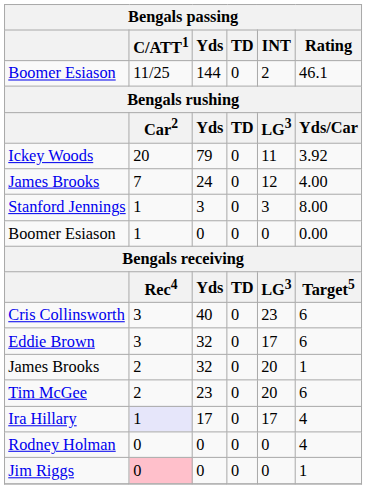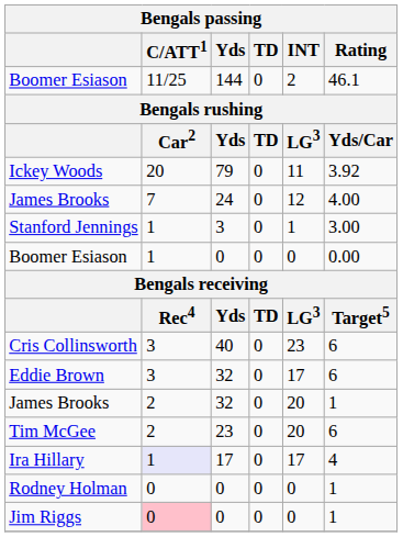 <table class="wikitable">
 <tr>
 <th colspan="6">Bengals passing</th>
 </tr>
 <tr>
 <th></th>
 <th>C/ATT<sup>1</sup></th>
 <th>Yds</th>
 <th>TD</th>
 <th>INT</th>
 <th>Rating</th>
 </tr>
 <tr>
 <td><a href='#'>Boomer Esiason</a></td>
 <td>11/25</td>
 <td>144</td>
 <td>0</td>
 <td>2</td>
 <td>46.1</td>
 </tr>
 <tr>
 <th colspan="6">Bengals rushing</th>
 </tr>
 <tr>
 <th></th>
 <th>Car<sup>2</sup></th>
 <th>Yds</th>
 <th>TD</th>
 <th>LG<sup>3</sup></th>
 <th>Yds/Car</th>
 </tr>
 <tr>
 <td><a href='#'>Ickey Woods</a></td>
 <td>20</td>
 <td>79</td>
 <td>0</td>
 <td>11</td>
 <td>3.92</td>
 </tr>
 <tr>
 <td><a href='#'>James Brooks</a></td>
 <td>7</td>
 <td>24</td>
 <td>0</td>
 <td>12</td>
 <td>4.00</td>
 </tr>
 <tr>
 <td><a href='#'>Stanford Jennings</a></td>
 <td>1</td>
 <td>3</td>
 <td>0</td>
-<td>3</td>
-<td>8.00</td>
+<td>1</td>
+<td>3.00</td>
 </tr>
 <tr>
 <td>Boomer Esiason</td>
 <td>1</td>
 <td>0</td>
 <td>0</td>
 <td>0</td>
 <td>0.00</td>
 </tr>
 <tr>
 <th colspan="6">Bengals receiving</th>
 </tr>
 <tr>
 <th></th>
 <th>Rec<sup>4</sup></th>
 <th>Yds</th>
 <th>TD</th>
 <th>LG<sup>3</sup></th>
 <th>Target<sup>5</sup></th>
 </tr>
 <tr>
 <td><a href='#'>Cris Collinsworth</a></td>
 <td>3</td>
 <td>40</td>
 <td>0</td>
 <td>23</td>
 <td>6</td>
 </tr>
 <tr>
 <td><a href='#'>Eddie Brown</a></td>
 <td>3</td>
 <td>32</td>
 <td>0</td>
 <td>17</td>
 <td>6</td>
 </tr>
 <tr>
 <td>James Brooks</td>
 <td>2</td>
 <td>32</td>
 <td>0</td>
 <td>20</td>
 <td>1</td>
 </tr>
 <tr>
 <td><a href='#'>Tim McGee</a></td>
 <td>2</td>
 <td>23</td>
 <td>0</td>
 <td>20</td>
 <td>6</td>
 </tr>
 <tr>
 <td><a href='#'>Ira Hillary</a></td>
 <td style="background: lavender;">1</td>
 <td>17</td>
 <td>0</td>
 <td>17</td>
 <td>4</td>
 </tr>
 <tr>
 <td><a href='#'>Rodney Holman</a></td>
 <td>0</td>
 <td>0</td>
 <td>0</td>
 <td>0</td>
-<td>4</td>
+<td>1</td>
 </tr>
 <tr>
 <td><a href='#'>Jim Riggs</a></td>
 <td style="background: pink;">0</td>
 <td>0</td>
 <td>0</td>
 <td>0</td>
 <td>1</td>
 </tr>
 <tr>
 </tr>
 </table>
